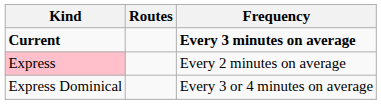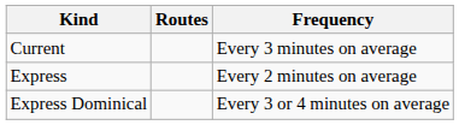 <table class="wikitable" style="margin:1em auto;">
 <tr>
 <th>Kind</th>
 <th>Routes</th>
 <th>Frequency</th>
 </tr>
 <tr>
-<td><strong>Current</strong></td>
+<td>Current</td>
 <td> </td>
-<td><strong>Every 3 minutes on average</strong></td>
+<td>Every 3 minutes on average</td>
 </tr>
 <tr>
-<td style="background: pink;">Express</td>
+<td>Express</td>
 <td>    </td>
 <td>Every 2 minutes on average</td>
 </tr>
 <tr>
 <td>Express Dominical</td>
 <td></td>
 <td>Every 3 or 4 minutes on average</td>
 </tr>
 </table>
